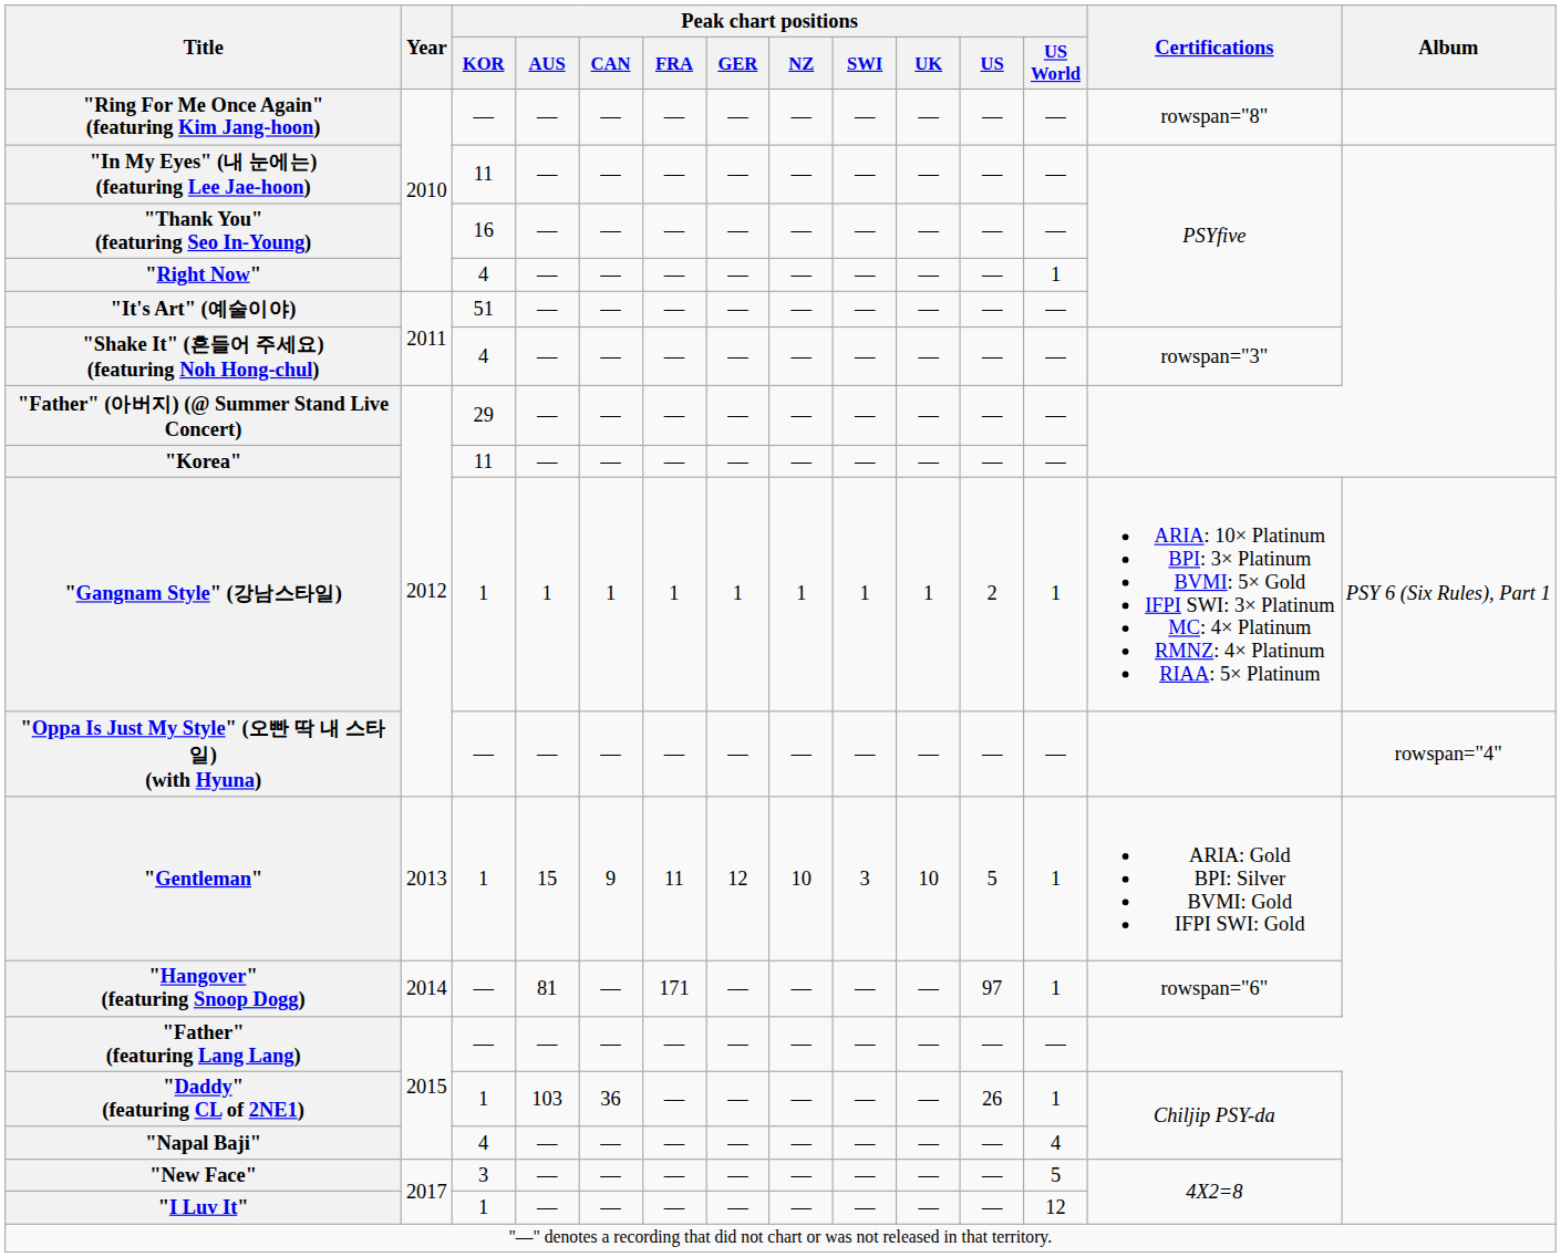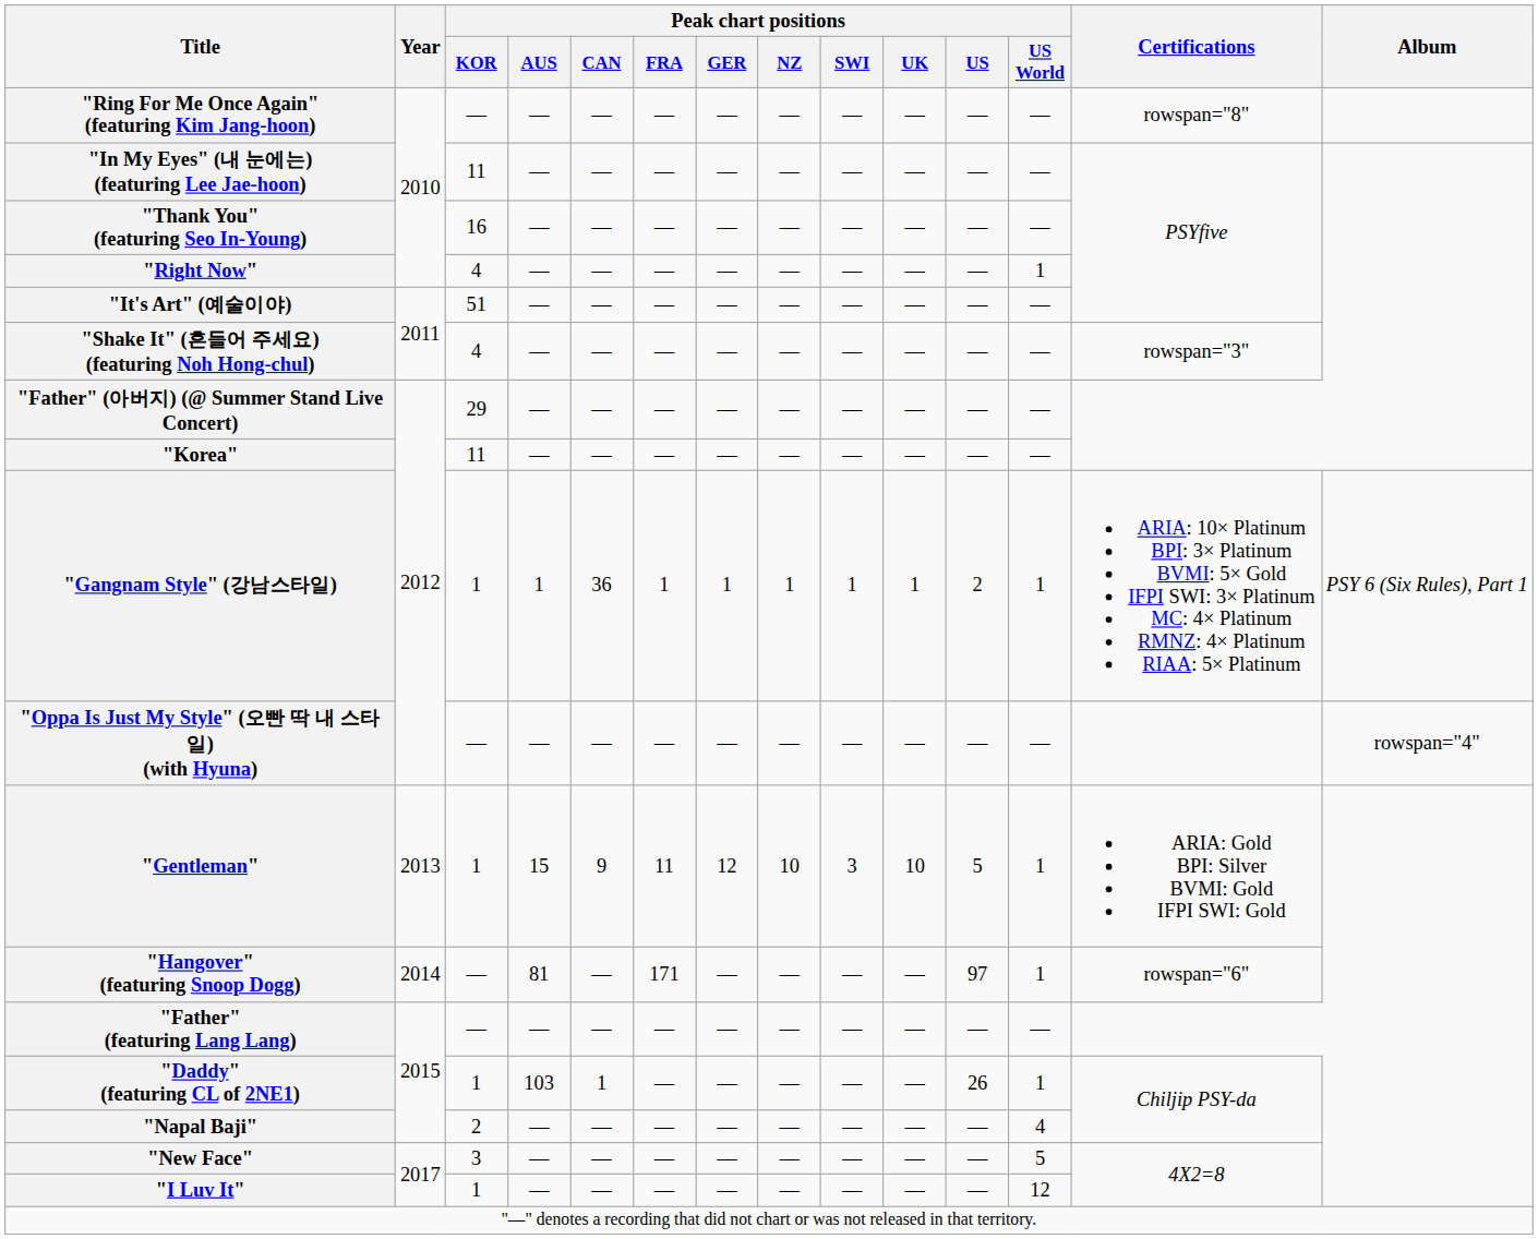 <table class="wikitable plainrowheaders" style="text-align:center;">
 <tr>
 <th scope="col" rowspan="2" style="width:19em;">Title</th>
 <th scope="col" rowspan="2">Year</th>
 <th scope="col" colspan="10">Peak chart positions</th>
 <th scope="col" rowspan="2" style="width:12em;"><a href='#'>Certifications</a></th>
 <th scope="col" rowspan="2">Album</th>
 </tr>
 <tr>
 <th scope="col" style="width:3em;font-size:90%;"><a href='#'>KOR</a><br></th>
 <th scope="col" style="width:3em;font-size:90%;"><a href='#'>AUS</a><br></th>
 <th scope="col" style="width:3em;font-size:90%;"><a href='#'>CAN</a><br></th>
 <th scope="col" style="width:3em;font-size:90%;"><a href='#'>FRA</a><br></th>
 <th scope="col" style="width:3em;font-size:90%;"><a href='#'>GER</a><br></th>
 <th scope="col" style="width:3em;font-size:90%;"><a href='#'>NZ</a><br></th>
 <th scope="col" style="width:3em;font-size:90%;"><a href='#'>SWI</a><br></th>
 <th scope="col" style="width:3em;font-size:90%;"><a href='#'>UK</a><br></th>
 <th scope="col" style="width:3em;font-size:90%;"><a href='#'>US</a><br></th>
 <th scope="col" style="width:3em;font-size:90%;"><a href='#'>US<br>World</a><br></th>
 </tr>
 <tr>
 <th scope="row">"Ring For Me Once Again"<br><span>(featuring <a href='#'>Kim Jang-hoon</a>)</span></th>
 <td rowspan="4">2010</td>
 <td>—</td>
 <td>—</td>
 <td>—</td>
 <td>—</td>
 <td>—</td>
 <td>—</td>
 <td>—</td>
 <td>—</td>
 <td>—</td>
 <td>—</td>
 <td>rowspan="8" </td>
 <td></td>
 </tr>
 <tr>
 <th scope="row">"In My Eyes" (내 눈에는)<br><span>(featuring <a href='#'>Lee Jae-hoon</a>)</span></th>
 <td>11</td>
 <td>—</td>
 <td>—</td>
 <td>—</td>
 <td>—</td>
 <td>—</td>
 <td>—</td>
 <td>—</td>
 <td>—</td>
 <td>—</td>
 <td rowspan="4"><em>PSYfive</em></td>
 </tr>
 <tr>
 <th scope="row">"Thank You"<br><span>(featuring <a href='#'>Seo In-Young</a>)</span></th>
 <td>16</td>
 <td>—</td>
 <td>—</td>
 <td>—</td>
 <td>—</td>
 <td>—</td>
 <td>—</td>
 <td>—</td>
 <td>—</td>
 <td>—</td>
 </tr>
 <tr>
 <th scope="row">"<a href='#'>Right Now</a>"</th>
 <td>4</td>
 <td>—</td>
 <td>—</td>
 <td>—</td>
 <td>—</td>
 <td>—</td>
 <td>—</td>
 <td>—</td>
 <td>—</td>
 <td>1</td>
 </tr>
 <tr>
 <th scope="row">"It's Art" (예술이야)</th>
 <td rowspan="2">2011</td>
 <td>51</td>
 <td>—</td>
 <td>—</td>
 <td>—</td>
 <td>—</td>
 <td>—</td>
 <td>—</td>
 <td>—</td>
 <td>—</td>
 <td>—</td>
 </tr>
 <tr>
 <th scope="row">"Shake It" (흔들어 주세요)<br><span>(featuring <a href='#'>Noh Hong-chul</a>)</span></th>
 <td>4</td>
 <td>—</td>
 <td>—</td>
 <td>—</td>
 <td>—</td>
 <td>—</td>
 <td>—</td>
 <td>—</td>
 <td>—</td>
 <td>—</td>
 <td>rowspan="3" </td>
 </tr>
 <tr>
 <th scope="row">"Father" (아버지) (@ Summer Stand Live Concert)</th>
 <td rowspan="4">2012</td>
 <td>29</td>
 <td>—</td>
 <td>—</td>
 <td>—</td>
 <td>—</td>
 <td>—</td>
 <td>—</td>
 <td>—</td>
 <td>—</td>
 <td>—</td>
 </tr>
 <tr>
 <th scope="row">"Korea"</th>
 <td>11</td>
 <td>—</td>
 <td>—</td>
 <td>—</td>
 <td>—</td>
 <td>—</td>
 <td>—</td>
 <td>—</td>
 <td>—</td>
 <td>—</td>
 </tr>
 <tr>
 <th scope="row">"<a href='#'>Gangnam Style</a>" (강남스타일)</th>
 <td>1</td>
 <td>1</td>
-<td>1</td>
+<td>36</td>
 <td>1</td>
 <td>1</td>
 <td>1</td>
 <td>1</td>
 <td>1</td>
 <td>2</td>
 <td>1</td>
 <td><br><ul><li><a href='#'>ARIA</a>: 10× Platinum</li><li><a href='#'>BPI</a>: 3× Platinum</li><li><a href='#'>BVMI</a>: 5× Gold</li><li><a href='#'>IFPI</a> SWI: 3× Platinum</li><li><a href='#'>MC</a>: 4× Platinum</li><li><a href='#'>RMNZ</a>: 4× Platinum</li><li><a href='#'>RIAA</a>: 5× Platinum</li></ul></td>
 <td><em>PSY 6 (Six Rules), Part 1</em></td>
 </tr>
 <tr>
 <th scope="row">"<a href='#'>Oppa Is Just My Style</a>" (오빤 딱 내 스타일)<br><span>(with <a href='#'>Hyuna</a>)</span></th>
 <td>—</td>
 <td>—</td>
 <td>—</td>
 <td>—</td>
 <td>—</td>
 <td>—</td>
 <td>—</td>
 <td>—</td>
 <td>—</td>
 <td>—</td>
 <td></td>
 <td>rowspan="4" </td>
 </tr>
 <tr>
 <th scope="row">"<a href='#'>Gentleman</a>"</th>
 <td>2013</td>
 <td>1</td>
 <td>15</td>
 <td>9</td>
 <td>11</td>
 <td>12</td>
 <td>10</td>
 <td>3</td>
 <td>10</td>
 <td>5</td>
 <td>1</td>
 <td><br><ul><li>ARIA: Gold</li><li>BPI: Silver</li><li>BVMI: Gold</li><li>IFPI SWI: Gold</li></ul></td>
 </tr>
 <tr>
 <th scope="row">"<a href='#'>Hangover</a>"<br><span>(featuring <a href='#'>Snoop Dogg</a>)</span></th>
 <td>2014</td>
 <td>—</td>
 <td>81</td>
 <td>—</td>
 <td>171</td>
 <td>—</td>
 <td>—</td>
 <td>—</td>
 <td>—</td>
 <td>97</td>
 <td>1</td>
 <td>rowspan="6" </td>
 </tr>
 <tr>
 <th scope="row">"Father"<br><span>(featuring <a href='#'>Lang Lang</a>)</span></th>
 <td rowspan="3">2015</td>
 <td>—</td>
 <td>—</td>
 <td>—</td>
 <td>—</td>
 <td>—</td>
 <td>—</td>
 <td>—</td>
 <td>—</td>
 <td>—</td>
 <td>—</td>
 </tr>
 <tr>
 <th scope="row">"<a href='#'>Daddy</a>"<br><span>(featuring <a href='#'>CL</a> of <a href='#'>2NE1</a>)</span></th>
 <td>1</td>
 <td>103</td>
-<td>36</td>
+<td>1</td>
 <td>—</td>
 <td>—</td>
 <td>—</td>
 <td>—</td>
 <td>—</td>
 <td>26</td>
 <td>1</td>
 <td rowspan="2"><em>Chiljip PSY-da</em></td>
 </tr>
 <tr>
 <th scope="row">"Napal Baji"</th>
-<td>4</td>
+<td>2</td>
 <td>—</td>
 <td>—</td>
 <td>—</td>
 <td>—</td>
 <td>—</td>
 <td>—</td>
 <td>—</td>
 <td>—</td>
 <td>4</td>
 </tr>
 <tr>
 <th scope="row">"New Face"</th>
 <td rowspan="2">2017</td>
 <td>3</td>
 <td>—</td>
 <td>—</td>
 <td>—</td>
 <td>—</td>
 <td>—</td>
 <td>—</td>
 <td>—</td>
 <td>—</td>
 <td>5</td>
 <td rowspan="2"><em>4X2=8</em></td>
 </tr>
 <tr>
 <th scope="row">"<a href='#'>I Luv It</a>"</th>
 <td>1</td>
 <td>—</td>
 <td>—</td>
 <td>—</td>
 <td>—</td>
 <td>—</td>
 <td>—</td>
 <td>—</td>
 <td>—</td>
 <td>12</td>
 </tr>
 <tr>
 <td colspan="14" style="font-size:85%">"—" denotes a recording that did not chart or was not released in that territory.</td>
 </tr>
 </table>
